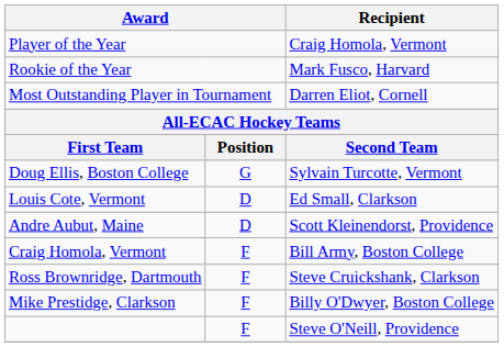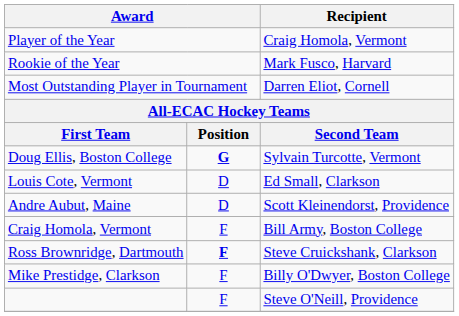 <table class="wikitable">
 <tr>
 <th colspan=2><a href='#'>Award</a></th>
 <th>Recipient</th>
 </tr>
 <tr>
 <td colspan=2><a href='#'>Player of the Year</a></td>
 <td><a href='#'>Craig Homola</a>, <a href='#'>Vermont</a></td>
 </tr>
 <tr>
 <td colspan=2><a href='#'>Rookie of the Year</a></td>
 <td><a href='#'>Mark Fusco</a>, <a href='#'>Harvard</a></td>
 </tr>
 <tr>
 <td colspan=2><a href='#'>Most Outstanding Player in Tournament</a></td>
 <td><a href='#'>Darren Eliot</a>, <a href='#'>Cornell</a></td>
 </tr>
 <tr>
 <th colspan=3><a href='#'>All-ECAC Hockey Teams</a></th>
 </tr>
 <tr>
 <th><a href='#'>First Team</a></th>
 <th>  Position  </th>
 <th><a href='#'>Second Team</a></th>
 </tr>
 <tr>
 <td><a href='#'>Doug Ellis</a>, <a href='#'>Boston College</a></td>
-<td align=center><a href='#'>G</a></td>
+<td align=center><strong><a href='#'>G</a></strong></td>
 <td><a href='#'>Sylvain Turcotte</a>, <a href='#'>Vermont</a></td>
 </tr>
 <tr>
 <td><a href='#'>Louis Cote</a>, <a href='#'>Vermont</a></td>
 <td align=center><a href='#'>D</a></td>
 <td><a href='#'>Ed Small</a>, <a href='#'>Clarkson</a></td>
 </tr>
 <tr>
 <td><a href='#'>Andre Aubut</a>, <a href='#'>Maine</a></td>
 <td align=center><a href='#'>D</a></td>
 <td><a href='#'>Scott Kleinendorst</a>, <a href='#'>Providence</a></td>
 </tr>
 <tr>
 <td><a href='#'>Craig Homola</a>, <a href='#'>Vermont</a></td>
 <td align=center><a href='#'>F</a></td>
 <td><a href='#'>Bill Army</a>, <a href='#'>Boston College</a></td>
 </tr>
 <tr>
 <td><a href='#'>Ross Brownridge</a>, <a href='#'>Dartmouth</a></td>
-<td align=center><a href='#'>F</a></td>
+<td align=center><strong><a href='#'>F</a></strong></td>
 <td><a href='#'>Steve Cruickshank</a>, <a href='#'>Clarkson</a></td>
 </tr>
 <tr>
 <td><a href='#'>Mike Prestidge</a>, <a href='#'>Clarkson</a></td>
 <td align=center><a href='#'>F</a></td>
 <td><a href='#'>Billy O'Dwyer</a>, <a href='#'>Boston College</a></td>
 </tr>
 <tr>
 <td></td>
 <td align=center><a href='#'>F</a></td>
 <td><a href='#'>Steve O'Neill</a>, <a href='#'>Providence</a></td>
 </tr>
 <tr>
 </tr>
 </table>
